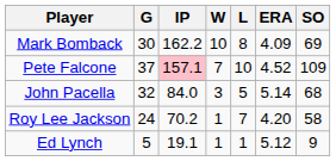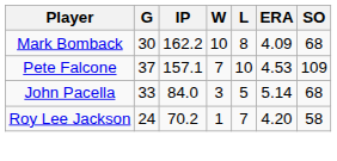 <table class="wikitable sortable">
 <tr>
 <th>Player</th>
 <th>G</th>
 <th>IP</th>
 <th>W</th>
 <th>L</th>
 <th>ERA</th>
 <th>SO</th>
 </tr>
 <tr align=center>
 <td><a href='#'>Mark Bomback</a></td>
 <td>30</td>
 <td>162.2</td>
 <td>10</td>
 <td>8</td>
 <td>4.09</td>
-<td>69</td>
+<td>68</td>
 </tr>
 <tr align=center>
 <td><a href='#'>Pete Falcone</a></td>
 <td>37</td>
-<td style="background: pink;">157.1</td>
+<td>157.1</td>
 <td>7</td>
 <td>10</td>
-<td>4.52</td>
+<td>4.53</td>
 <td>109</td>
 </tr>
 <tr align=center>
 <td><a href='#'>John Pacella</a></td>
-<td>32</td>
+<td>33</td>
 <td>84.0</td>
 <td>3</td>
 <td>5</td>
 <td>5.14</td>
 <td>68</td>
 </tr>
 <tr align=center>
 <td><a href='#'>Roy Lee Jackson</a></td>
 <td>24</td>
 <td>70.2</td>
 <td>1</td>
 <td>7</td>
 <td>4.20</td>
 <td>58</td>
 </tr>
-<tr align=center>
-<td><a href='#'>Ed Lynch</a></td>
-<td>5</td>
-<td>19.1</td>
-<td>1</td>
-<td>1</td>
-<td>5.12</td>
-<td>9</td>
-</tr>
 </table>
